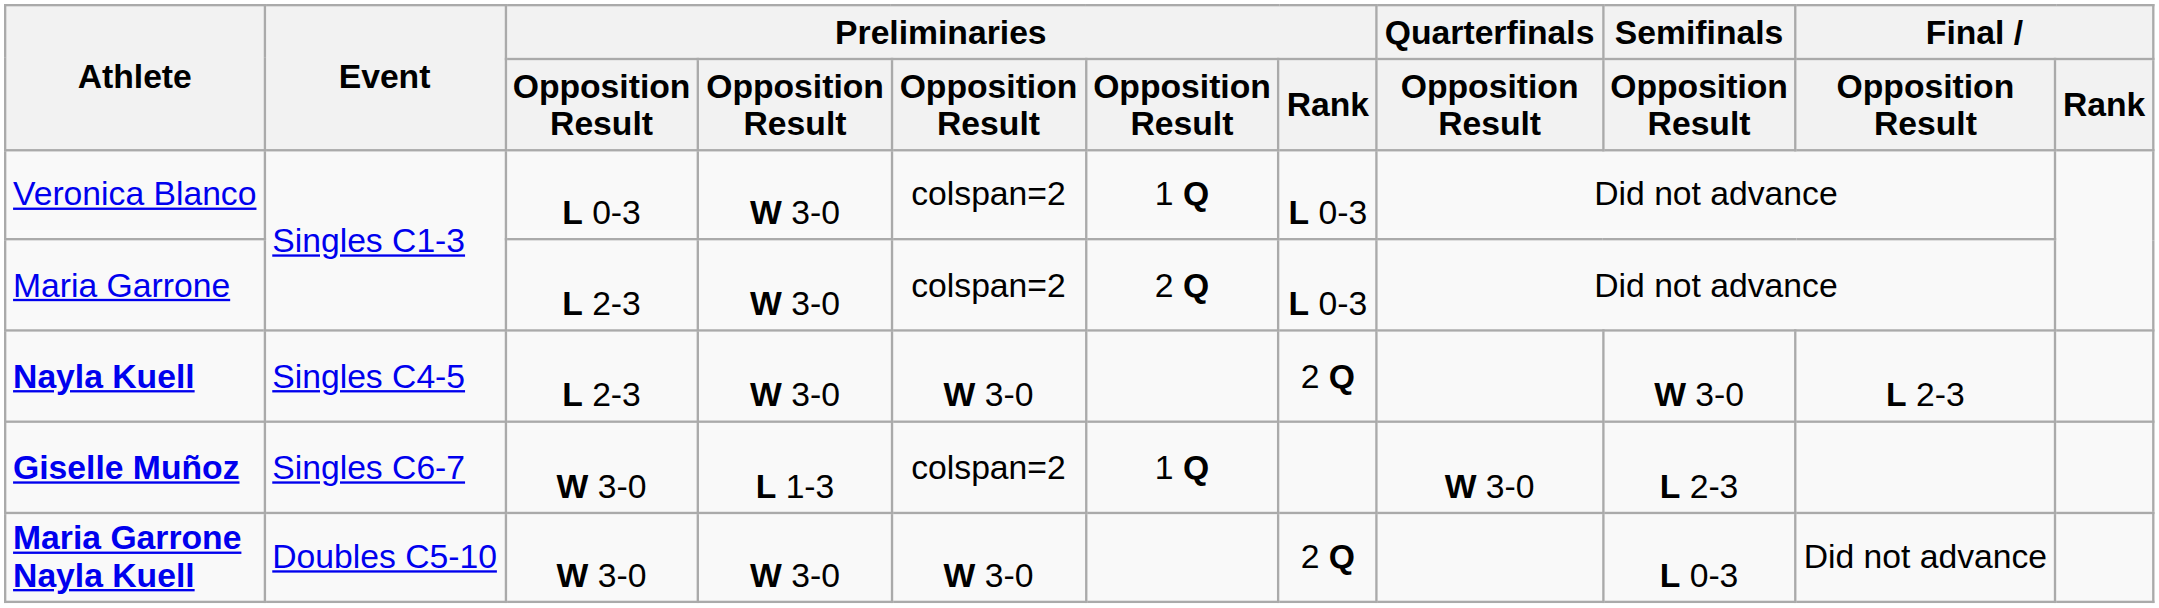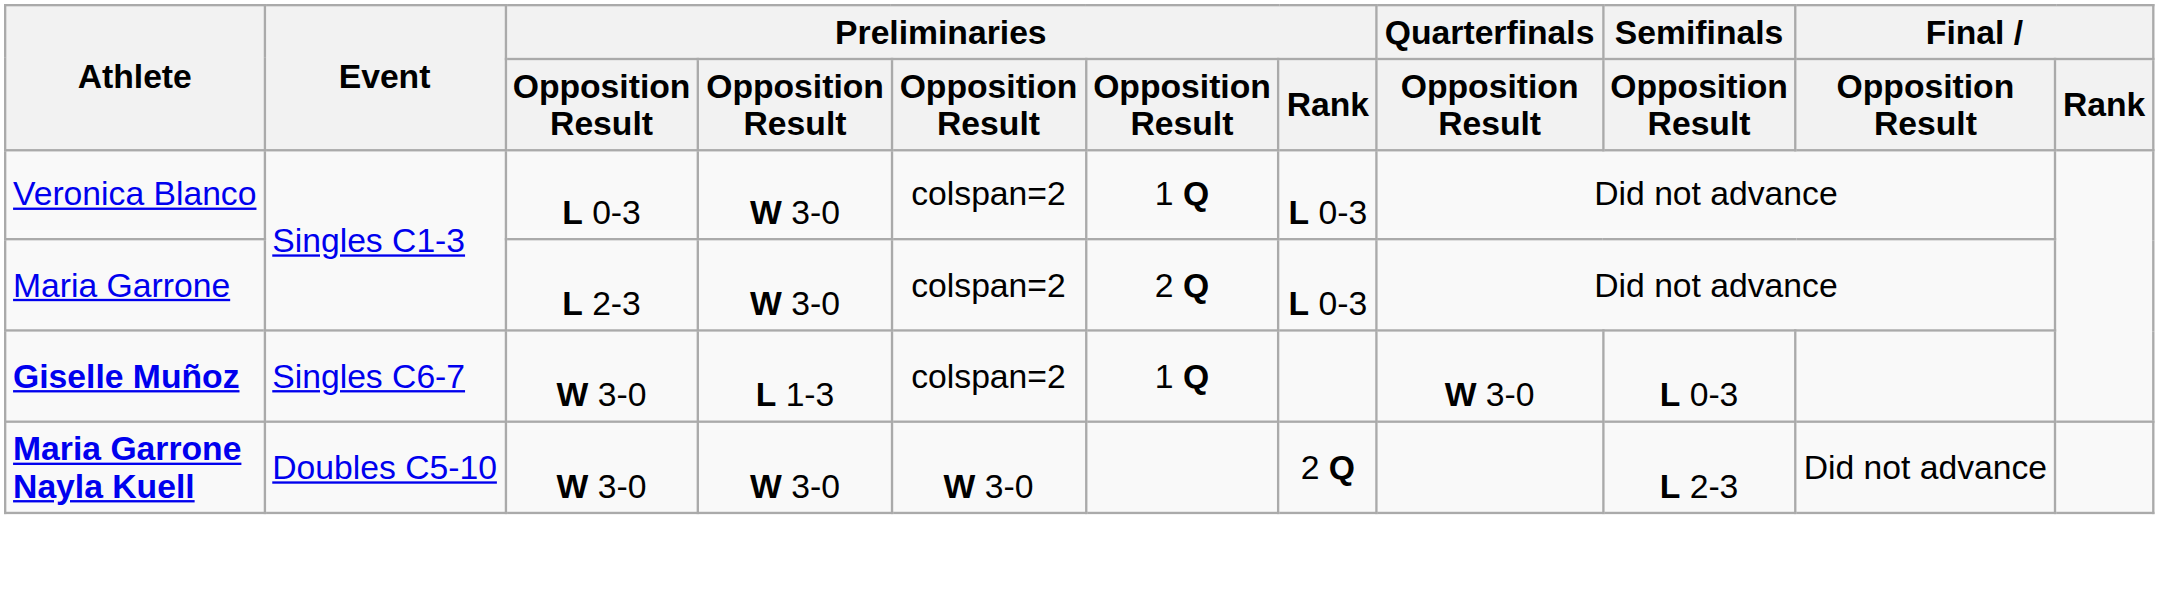 <table class=wikitable style="font-size:90%">
 <tr>
 <th rowspan="2">Athlete</th>
 <th rowspan="2">Event</th>
 <th colspan="5">Preliminaries</th>
 <th>Quarterfinals</th>
 <th>Semifinals</th>
 <th colspan="2">Final / </th>
 </tr>
 <tr>
 <th>Opposition<br>Result</th>
 <th>Opposition<br>Result</th>
 <th>Opposition<br>Result</th>
 <th>Opposition<br>Result</th>
 <th>Rank</th>
 <th>Opposition<br>Result</th>
 <th>Opposition<br>Result</th>
 <th>Opposition<br>Result</th>
 <th>Rank</th>
 </tr>
 <tr align=center>
 <td align=left><a href='#'>Veronica Blanco</a></td>
 <td align=left rowspan=2><a href='#'>Singles C1-3</a></td>
 <td><br><strong>L</strong> 0-3</td>
 <td><br><strong>W</strong> 3-0</td>
 <td>colspan=2 </td>
 <td>1 <strong>Q</strong></td>
 <td><br><strong>L</strong> 0-3</td>
 <td colspan=3>Did not advance</td>
 </tr>
 <tr align=center>
 <td align=left><a href='#'>Maria Garrone</a></td>
 <td><br><strong>L</strong> 2-3</td>
 <td><br><strong>W</strong> 3-0</td>
 <td>colspan=2 </td>
 <td>2 <strong>Q</strong></td>
 <td><br><strong>L</strong> 0-3</td>
 <td colspan=3>Did not advance</td>
 </tr>
 <tr align=center>
-<td align=left><strong><a href='#'>Nayla Kuell</a></strong></td>
-<td align=left><a href='#'>Singles C4-5</a></td>
-<td><br><strong>L</strong> 2-3</td>
-<td><br><strong>W</strong> 3-0</td>
-<td><br><strong>W</strong> 3-0</td>
-<td></td>
-<td>2 <strong>Q</strong></td>
-<td></td>
-<td><br><strong>W</strong> 3-0</td>
-<td><br><strong>L</strong> 2-3</td>
-<td></td>
-</tr>
-<tr align=center>
 <td align=left><strong><a href='#'>Giselle Muñoz</a></strong></td>
 <td align=left><a href='#'>Singles C6-7</a></td>
 <td><br><strong>W</strong> 3-0</td>
 <td><br><strong>L</strong> 1-3</td>
 <td>colspan=2 </td>
 <td>1 <strong>Q</strong></td>
 <td></td>
 <td><br><strong>W</strong> 3-0</td>
-<td><br><strong>L</strong> 2-3</td>
+<td><br><strong>L</strong> 0-3</td>
 <td></td>
 </tr>
 <tr align=center>
 <td align=left><strong><a href='#'>Maria Garrone</a><br><a href='#'>Nayla Kuell</a></strong></td>
 <td align=left><a href='#'>Doubles C5-10</a></td>
 <td><br><strong>W</strong> 3-0</td>
 <td><br><strong>W</strong> 3-0</td>
 <td><br><strong>W</strong> 3-0</td>
 <td></td>
 <td>2 <strong>Q</strong></td>
 <td></td>
-<td><br><strong>L</strong> 0-3</td>
+<td><br><strong>L</strong> 2-3</td>
 <td>Did not advance</td>
 <td></td>
 </tr>
 </table>
